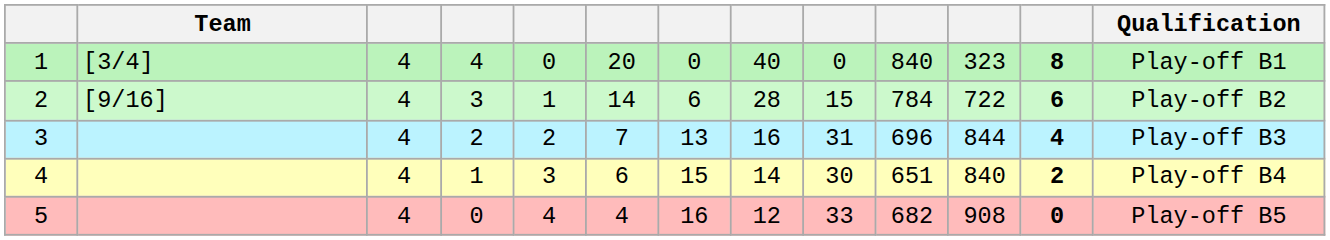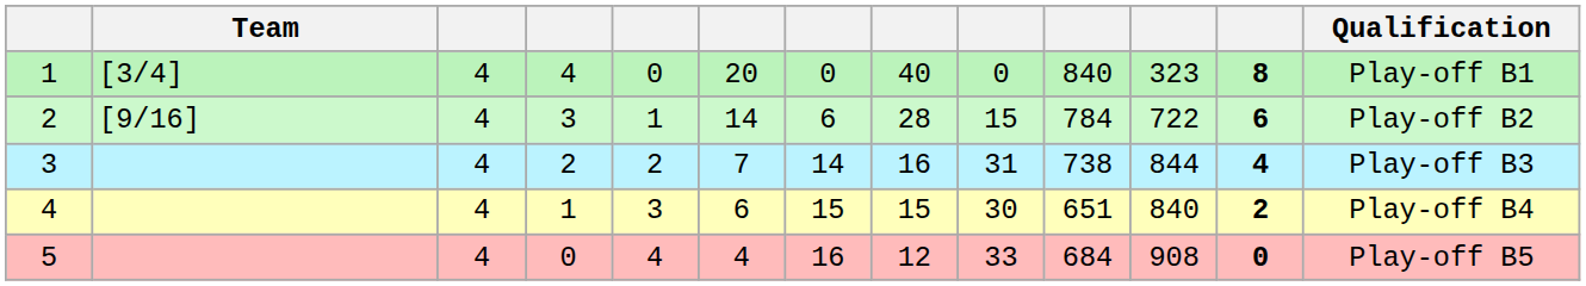 <table class=wikitable style="text-align:center" width=730>
 <tr>
 <th width=5.5%></th>
 <th width=22%>Team</th>
 <th width=5.5%></th>
 <th width=5.5%></th>
 <th width=5.5%></th>
 <th width=5.5%></th>
 <th width=5.5%></th>
 <th width=5.5%></th>
 <th width=5.5%></th>
 <th width=5.5%></th>
 <th width=5.5%></th>
 <th width=5.5%></th>
 <th width=18%>Qualification</th>
 </tr>
 <tr bgcolor=#bbf3bb>
 <td>1</td>
 <td style="text-align:left"> [3/4]</td>
 <td>4</td>
 <td>4</td>
 <td>0</td>
 <td>20</td>
 <td>0</td>
 <td>40</td>
 <td>0</td>
 <td>840</td>
 <td>323</td>
 <td><strong>8</strong></td>
 <td>Play-off B1</td>
 </tr>
 <tr bgcolor=#ccf9cc>
 <td>2</td>
 <td style="text-align:left"> [9/16]</td>
 <td>4</td>
 <td>3</td>
 <td>1</td>
 <td>14</td>
 <td>6</td>
 <td>28</td>
 <td>15</td>
 <td>784</td>
 <td>722</td>
 <td><strong>6</strong></td>
 <td>Play-off B2</td>
 </tr>
 <tr bgcolor=#bbf3ff>
 <td>3</td>
 <td style="text-align:left"></td>
 <td>4</td>
 <td>2</td>
 <td>2</td>
 <td>7</td>
-<td>13</td>
+<td>14</td>
 <td>16</td>
 <td>31</td>
-<td>696</td>
+<td>738</td>
 <td>844</td>
 <td><strong>4</strong></td>
 <td>Play-off B3</td>
 </tr>
 <tr bgcolor=#ffffbb>
 <td>4</td>
 <td style="text-align:left"></td>
 <td>4</td>
 <td>1</td>
 <td>3</td>
 <td>6</td>
 <td>15</td>
-<td>14</td>
+<td>15</td>
 <td>30</td>
 <td>651</td>
 <td>840</td>
 <td><strong>2</strong></td>
 <td>Play-off B4</td>
 </tr>
 <tr bgcolor=#ffbbbb>
 <td>5</td>
 <td style="text-align:left"></td>
 <td>4</td>
 <td>0</td>
 <td>4</td>
 <td>4</td>
 <td>16</td>
 <td>12</td>
 <td>33</td>
-<td>682</td>
+<td>684</td>
 <td>908</td>
 <td><strong>0</strong></td>
 <td>Play-off B5</td>
 </tr>
 </table>
